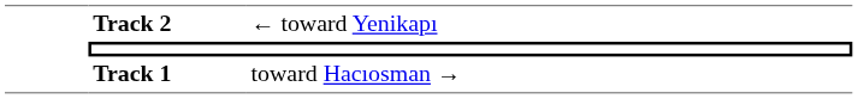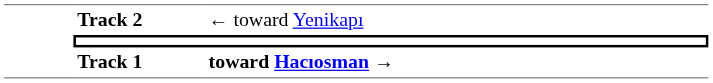 <table table border=0 cellspacing=0 cellpadding=3>
 <tr>
 <td style="border-top:solid 1px gray;border-bottom:solid 1px gray;" width=50 rowspan=3 valign=top></td>
 <td style="border-top:solid 1px gray;" width=100><strong>Track 2</strong></td>
 <td style="border-top:solid 1px gray;" width=400>←  toward <a href='#'>Yenikapı</a></td>
 </tr>
 <tr>
 <td style="border-top:solid 2px black;border-right:solid 2px black;border-left:solid 2px black;border-bottom:solid 2px black;text-align:center;" colspan=2></td>
 </tr>
 <tr>
 <td style="border-bottom:solid 1px gray;"><strong>Track 1</strong></td>
-<td style="border-bottom:solid 1px gray;"> toward <a href='#'>Hacıosman</a>  →</td>
+<td style="border-bottom:solid 1px gray;"><strong> toward <a href='#'>Hacıosman</a>  →</strong></td>
 </tr>
 </table>
